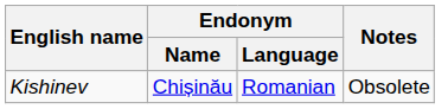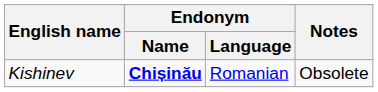 <table class="wikitable sortable mw-collapsible">
 <tr>
 <th rowspan="2">English name</th>
 <th colspan="2">Endonym</th>
 <th rowspan="2">Notes</th>
 </tr>
 <tr>
 <th>Name</th>
 <th>Language</th>
 </tr>
 <tr>
 <td><em>Kishinev</em></td>
-<td><a href='#'>Chișinău</a></td>
+<td><strong><a href='#'>Chișinău</a></strong></td>
 <td><a href='#'>Romanian</a></td>
 <td>Obsolete</td>
 </tr>
 </table>
